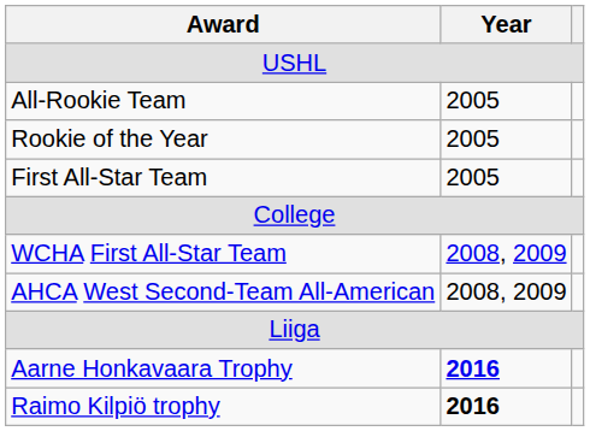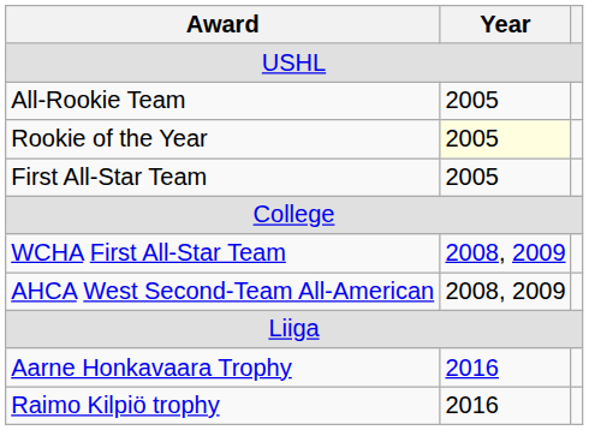 <table class="wikitable">
 <tr>
 <th>Award</th>
 <th>Year</th>
 <th></th>
 </tr>
 <tr ALIGN="center" bgcolor="#e0e0e0">
 <td colspan="3"><a href='#'>USHL</a></td>
 </tr>
 <tr>
 <td>All-Rookie Team</td>
 <td>2005</td>
 <td></td>
 </tr>
 <tr>
 <td>Rookie of the Year</td>
-<td>2005</td>
+<td style="background: lightyellow;">2005</td>
 <td></td>
 </tr>
 <tr>
 <td>First All-Star Team</td>
 <td>2005</td>
 <td></td>
 </tr>
 <tr ALIGN="center" bgcolor="#e0e0e0">
 <td colspan="3"><a href='#'>College</a></td>
 </tr>
 <tr>
 <td><a href='#'>WCHA</a> <a href='#'>First All-Star Team</a></td>
 <td><a href='#'>2008</a>, <a href='#'>2009</a></td>
 <td></td>
 </tr>
 <tr>
 <td><a href='#'>AHCA</a> <a href='#'>West Second-Team All-American</a></td>
 <td>2008, 2009</td>
 <td></td>
 </tr>
 <tr ALIGN="center" bgcolor="#e0e0e0">
 <td colspan="3"><a href='#'>Liiga</a></td>
 </tr>
 <tr>
 <td><a href='#'>Aarne Honkavaara Trophy</a></td>
-<td><strong><a href='#'>2016</a></strong></td>
+<td><a href='#'>2016</a></td>
 <td></td>
 </tr>
 <tr>
 <td><a href='#'>Raimo Kilpiö trophy</a></td>
-<td><strong>2016</strong></td>
+<td>2016</td>
 <td></td>
 </tr>
 </table>
